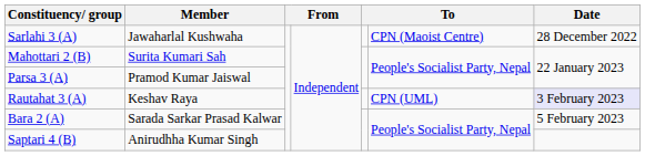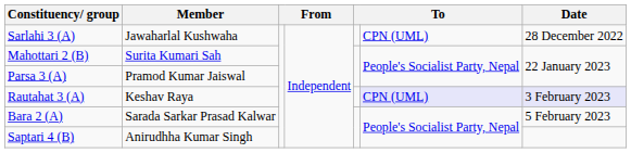 <table class="wikitable">
 <tr>
 <th>Constituency/ group</th>
 <th>Member</th>
 <th colspan="2">From</th>
 <th colspan="2">To</th>
 <th>Date</th>
 </tr>
 <tr>
 <td><a href='#'>Sarlahi 3 (A)</a></td>
 <td>Jawaharlal Kushwaha</td>
 <td rowspan="6"></td>
 <td rowspan="6"><a href='#'>Independent</a></td>
 <td></td>
-<td><a href='#'>CPN (Maoist Centre)</a></td>
+<td><a href='#'>CPN (UML)</a></td>
 <td>28 December 2022</td>
 </tr>
 <tr>
 <td><a href='#'>Mahottari 2 (B)</a></td>
 <td><a href='#'>Surita Kumari Sah</a></td>
 <td rowspan="2"></td>
 <td rowspan="2"><a href='#'>People's Socialist Party, Nepal</a></td>
 <td rowspan="2">22 January 2023</td>
 </tr>
 <tr>
 <td><a href='#'>Parsa 3 (A)</a></td>
 <td>Pramod Kumar Jaiswal</td>
 </tr>
 <tr>
 <td><a href='#'>Rautahat 3 (A)</a></td>
 <td>Keshav Raya</td>
 <td></td>
-<td><a href='#'>CPN (UML)</a></td>
+<td style="background: lavender;"><a href='#'>CPN (UML)</a></td>
 <td style="background: lavender;">3 February 2023</td>
 </tr>
 <tr>
 <td><a href='#'>Bara 2 (A)</a></td>
 <td>Sarada Sarkar Prasad Kalwar</td>
 <td rowspan="2"></td>
 <td rowspan="2"><a href='#'>People's Socialist Party, Nepal</a></td>
 <td>5 February 2023</td>
 </tr>
 <tr>
 <td><a href='#'>Saptari 4 (B)</a></td>
 <td>Anirudhha Kumar Singh</td>
 <td></td>
 </tr>
 </table>
